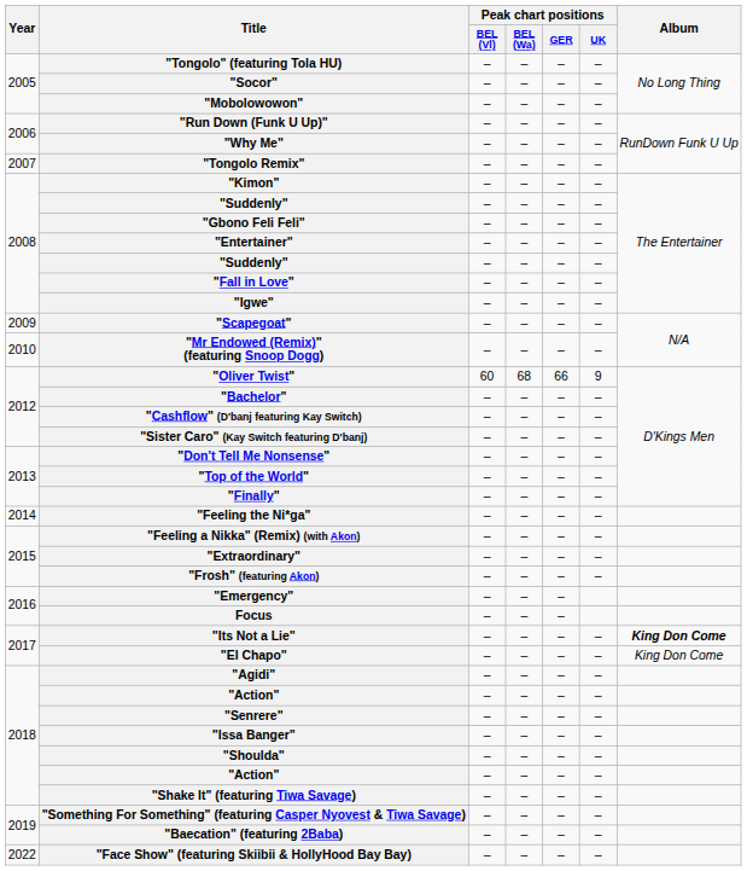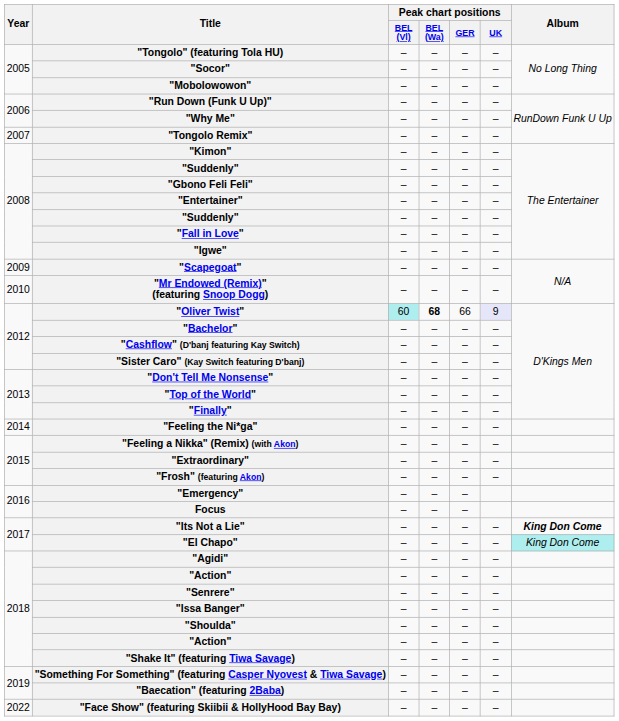 <table class="wikitable plainrowheaders" style="text-align:center;">
 <tr>
 <th scope="col" rowspan="2">Year</th>
 <th scope="col" rowspan="2">Title</th>
 <th scope="col" colspan="4">Peak chart positions</th>
 <th scope="col" rowspan="2">Album</th>
 </tr>
 <tr>
 <th scope="col" style="width:3em;font-size:85%;"><a href='#'>BEL (Vl)</a><br></th>
 <th scope="col" style="width:3em;font-size:85%;"><a href='#'>BEL (Wa)</a><br></th>
 <th scope="col" style="width:3em;font-size:85%;"><a href='#'>GER</a><br></th>
 <th scope="col" style="width:3em;font-size:85%;"><a href='#'>UK</a><br></th>
 </tr>
 <tr>
 <td rowspan="3">2005</td>
 <th scope="row">"Tongolo" <span>(featuring Tola HU)</span></th>
 <td>–</td>
 <td>–</td>
 <td>–</td>
 <td>–</td>
 <td rowspan="3"><em>No Long Thing</em></td>
 </tr>
 <tr>
 <th scope="row">"Socor"</th>
 <td>–</td>
 <td>–</td>
 <td>–</td>
 <td>–</td>
 </tr>
 <tr>
 <th scope="row">"Mobolowowon"</th>
 <td>–</td>
 <td>–</td>
 <td>–</td>
 <td>–</td>
 </tr>
 <tr>
 <td rowspan="2">2006</td>
 <th scope="row">"Run Down (Funk U Up)"</th>
 <td>–</td>
 <td>–</td>
 <td>–</td>
 <td>–</td>
 <td rowspan="3"><em>RunDown Funk U Up</em></td>
 </tr>
 <tr>
 <th scope="row">"Why Me"</th>
 <td>–</td>
 <td>–</td>
 <td>–</td>
 <td>–</td>
 </tr>
 <tr>
 <td>2007</td>
 <th scope="row">"Tongolo Remix"</th>
 <td>–</td>
 <td>–</td>
 <td>–</td>
 <td>–</td>
 </tr>
 <tr>
 <td rowspan="7">2008</td>
 <th scope="row">"Kimon"</th>
 <td>–</td>
 <td>–</td>
 <td>–</td>
 <td>–</td>
 <td rowspan="7"><em>The Entertainer</em></td>
 </tr>
 <tr>
 <th scope="row">"Suddenly"</th>
 <td>–</td>
 <td>–</td>
 <td>–</td>
 <td>–</td>
 </tr>
 <tr>
 <th scope="row">"Gbono Feli Feli"</th>
 <td>–</td>
 <td>–</td>
 <td>–</td>
 <td>–</td>
 </tr>
 <tr>
 <th scope="row">"Entertainer"</th>
 <td>–</td>
 <td>–</td>
 <td>–</td>
 <td>–</td>
 </tr>
 <tr>
 <th scope="row">"Suddenly"</th>
 <td>–</td>
 <td>–</td>
 <td>–</td>
 <td>–</td>
 </tr>
 <tr>
 <th scope="row">"<a href='#'>Fall in Love</a>"</th>
 <td>–</td>
 <td>–</td>
 <td>–</td>
 <td>–</td>
 </tr>
 <tr>
 <th scope="row">"Igwe"</th>
 <td>–</td>
 <td>–</td>
 <td>–</td>
 <td>–</td>
 </tr>
 <tr>
 <td>2009</td>
 <th scope="row">"<a href='#'>Scapegoat</a>"</th>
 <td>–</td>
 <td>–</td>
 <td>–</td>
 <td>–</td>
 <td rowspan="2"><em>N/A</em></td>
 </tr>
 <tr>
 <td>2010</td>
 <th scope="row">"<a href='#'>Mr Endowed (Remix)</a>" <br><span>(featuring <a href='#'>Snoop Dogg</a>)</span></th>
 <td>–</td>
 <td>–</td>
 <td>–</td>
 <td>–</td>
 </tr>
 <tr>
 <td rowspan="4">2012</td>
 <th scope="row">"<a href='#'>Oliver Twist</a>"</th>
-<td>60</td>
-<td>68</td>
+<td style="background: paleturquoise;">60</td>
+<td><strong>68</strong></td>
 <td>66</td>
-<td>9</td>
+<td style="background: lavender;">9</td>
 <td rowspan="7"><em>D'Kings Men</em></td>
 </tr>
 <tr>
 <th scope="row">"<a href='#'>Bachelor</a>"</th>
 <td>–</td>
 <td>–</td>
 <td>–</td>
 <td>–</td>
 </tr>
 <tr>
 <th scope="row">"<a href='#'>Cashflow</a>" <small> (D'banj featuring Kay Switch) </small></th>
 <td>–</td>
 <td>–</td>
 <td>–</td>
 <td>–</td>
 </tr>
 <tr>
 <th scope="row">"Sister Caro" <small> (Kay Switch featuring D'banj) </small></th>
 <td>–</td>
 <td>–</td>
 <td>–</td>
 <td>–</td>
 </tr>
 <tr>
 <td rowspan="3">2013</td>
 <th scope="row">"<a href='#'>Don't Tell Me Nonsense</a>"</th>
 <td>–</td>
 <td>–</td>
 <td>–</td>
 <td>–</td>
 </tr>
 <tr>
 <th scope="row">"<a href='#'>Top of the World</a>"</th>
 <td>–</td>
 <td>–</td>
 <td>–</td>
 <td>–</td>
 </tr>
 <tr>
 <th scope="row">"<a href='#'>Finally</a>"</th>
 <td>–</td>
 <td>–</td>
 <td>–</td>
 <td>–</td>
 </tr>
 <tr Bother You 2014>
 <td –="1">2014</td>
 <th scope="row">"Feeling the Ni*ga"</th>
 <td>–</td>
 <td>–</td>
 <td>–</td>
 <td>–</td>
 <td></td>
 </tr>
 <tr>
 <td rowspan="3">2015</td>
 <th scope="row">"Feeling a Nikka" (Remix) <small>(with <a href='#'>Akon</a>)</small></th>
 <td>–</td>
 <td>–</td>
 <td>–</td>
 <td>–</td>
 <td></td>
 </tr>
 <tr>
 <th scope="row">"Extraordinary"</th>
 <td>–</td>
 <td>–</td>
 <td>–</td>
 <td>–</td>
 <td></td>
 </tr>
 <tr>
 <th scope="row">"Frosh" <small>(featuring <a href='#'>Akon</a>)</small></th>
 <td>–</td>
 <td>–</td>
 <td>–</td>
 <td>–</td>
 <td></td>
 </tr>
 <tr>
 <td rowspan="2">2016</td>
 <th scope="row">"Emergency"</th>
 <td>–</td>
 <td>–</td>
 <td>–</td>
 <td –></td>
 <td></td>
 </tr>
 <tr>
 <th scope="row">Focus</th>
 <td>–</td>
 <td>–</td>
 <td>–</td>
 <td –></td>
 <td></td>
 </tr>
 <tr>
 <td rowspan="2">2017</td>
 <th scope="row">"Its Not a Lie"</th>
 <td>–</td>
 <td>–</td>
 <td>–</td>
 <td>–</td>
 <td><strong><em>King Don Come</em></strong></td>
 </tr>
 <tr>
 <th scope="row">"El Chapo"</th>
 <td>–</td>
 <td>–</td>
 <td>–</td>
 <td>–</td>
-<td><em>King Don Come</em></td>
+<td style="background: paleturquoise;"><em>King Don Come</em></td>
 </tr>
 <tr>
 <td rowspan="7">2018</td>
 <th scope="row">"Agidi"</th>
 <td>–</td>
 <td>–</td>
 <td>–</td>
 <td>–</td>
 <td></td>
 </tr>
 <tr>
 <th scope="row">"Action"</th>
 <td>–</td>
 <td>–</td>
 <td>–</td>
 <td>–</td>
 <td></td>
 </tr>
 <tr>
 <th scope="row">"Senrere"</th>
 <td>–</td>
 <td>–</td>
 <td>–</td>
 <td>–</td>
 <td></td>
 </tr>
 <tr>
 <th scope="row">"Issa Banger"</th>
 <td>–</td>
 <td>–</td>
 <td>–</td>
 <td>–</td>
 <td></td>
 </tr>
 <tr>
 <th scope="row">"Shoulda"</th>
 <td>–</td>
 <td>–</td>
 <td>–</td>
 <td>–</td>
 <td></td>
 </tr>
 <tr>
 <th scope="row">"Action"</th>
 <td>–</td>
 <td>–</td>
 <td>–</td>
 <td>–</td>
 <td></td>
 </tr>
 <tr>
 <th scope="row">"Shake It" (featuring <a href='#'>Tiwa Savage</a>)</th>
 <td>–</td>
 <td>–</td>
 <td>–</td>
 <td>–</td>
 <td></td>
 </tr>
 <tr>
 <td rowspan="2">2019</td>
 <th scope="row">"Something For Something" (featuring <a href='#'>Casper Nyovest</a> & <a href='#'>Tiwa Savage</a>)</th>
 <td>–</td>
 <td>–</td>
 <td>–</td>
 <td>–</td>
 <td></td>
 </tr>
 <tr>
 <th scope="row">"Baecation" (featuring <a href='#'>2Baba</a>)</th>
 <td>–</td>
 <td>–</td>
 <td>–</td>
 <td>–</td>
 <td></td>
 </tr>
 <tr>
 <td>2022</td>
 <th scope="row">"Face Show" (featuring Skiibii & HollyHood Bay Bay)</th>
 <td>–</td>
 <td>–</td>
 <td>–</td>
 <td>–</td>
 <td></td>
 </tr>
 </table>
